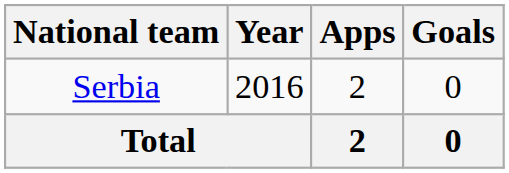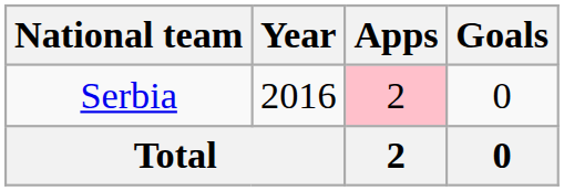 <table class="wikitable" style="text-align:center">
 <tr>
 <th>National team</th>
 <th>Year</th>
 <th>Apps</th>
 <th>Goals</th>
 </tr>
 <tr>
 <td><a href='#'>Serbia</a></td>
 <td>2016</td>
-<td>2</td>
+<td style="background: pink;">2</td>
 <td>0</td>
 </tr>
 <tr>
 <th colspan="2">Total</th>
 <th>2</th>
 <th>0</th>
 </tr>
 </table>
